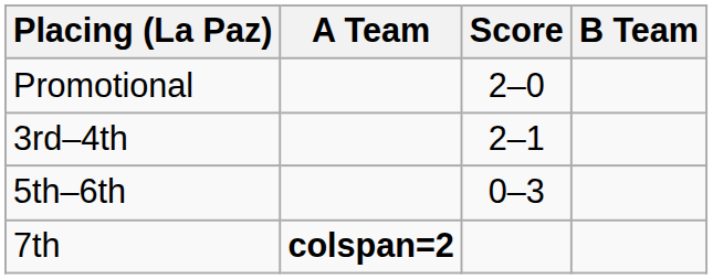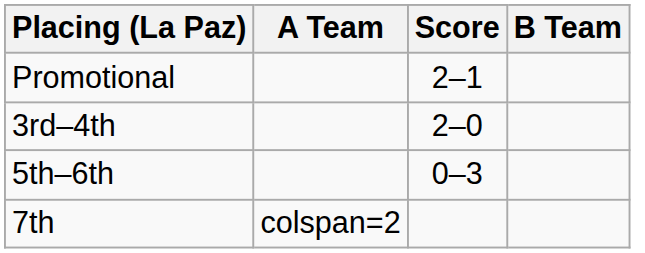 <table class=wikitable style="border:1px solid #AAAAAA;">
 <tr>
 <th>Placing (La Paz)</th>
 <th>A Team</th>
 <th>Score</th>
 <th>B Team</th>
 </tr>
 <tr>
 <td>Promotional</td>
 <td><strong></strong></td>
-<td align="center">2–0</td>
+<td align="center">2–1</td>
 <td></td>
 </tr>
 <tr>
 <td>3rd–4th</td>
 <td><strong></strong></td>
-<td align="center">2–1</td>
+<td align="center">2–0</td>
 <td></td>
 </tr>
 <tr>
 <td>5th–6th</td>
 <td></td>
 <td align="center">0–3</td>
 <td><strong></strong></td>
 </tr>
 <tr>
 <td>7th</td>
-<td><strong>colspan=2 </strong></td>
+<td>colspan=2 </td>
 <td></td>
 </tr>
 </table>
